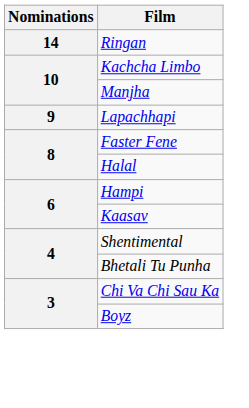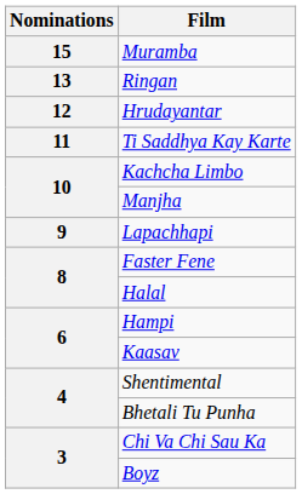 <table class="wikitable" style="display:inline-table;">
 <tr>
 <th>Nominations</th>
 <th>Film</th>
 </tr>
 <tr>
-<th>14</th>
+<th>15</th>
+<td><em><a href='#'>Muramba</a></em></td>
+</tr>
+<tr>
+<th>13</th>
 <td><em><a href='#'>Ringan</a></em></td>
+</tr>
+<tr>
+<th>12</th>
+<td><em><a href='#'>Hrudayantar</a></em></td>
+</tr>
+<tr>
+<th>11</th>
+<td><em><a href='#'>Ti Saddhya Kay Karte</a></em></td>
 </tr>
 <tr>
 <th rowspan="2">10</th>
 <td><a href='#'><em>Kachcha Limbo</em></a></td>
 </tr>
 <tr>
 <td><em><a href='#'>Manjha</a></em></td>
 </tr>
 <tr>
 <th>9</th>
 <td><em><a href='#'>Lapachhapi</a></em></td>
 </tr>
 <tr>
 <th rowspan="2">8</th>
 <td><em><a href='#'>Faster Fene</a></em></td>
 </tr>
 <tr>
 <td><a href='#'><em>Halal</em></a></td>
 </tr>
 <tr>
 <th rowspan="2">6</th>
 <td><em><a href='#'>Hampi</a></em></td>
 </tr>
 <tr>
 <td><em><a href='#'>Kaasav</a></em></td>
 </tr>
 <tr>
 <th rowspan="2">4</th>
 <td><em>Shentimental</em></td>
 </tr>
 <tr>
 <td><em>Bhetali Tu Punha</em></td>
 </tr>
 <tr>
 <th rowspan="2">3</th>
 <td><em><a href='#'>Chi Va Chi Sau Ka</a></em></td>
 </tr>
 <tr>
 <td><a href='#'><em>Boyz</em></a></td>
 </tr>
 </table>
